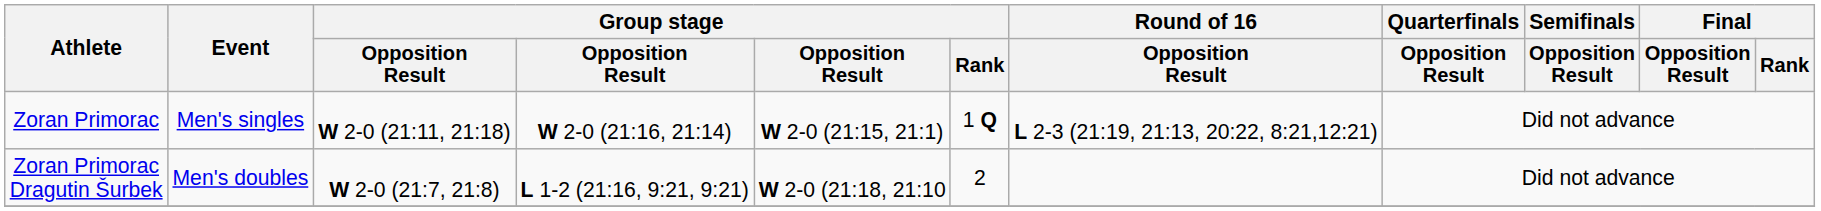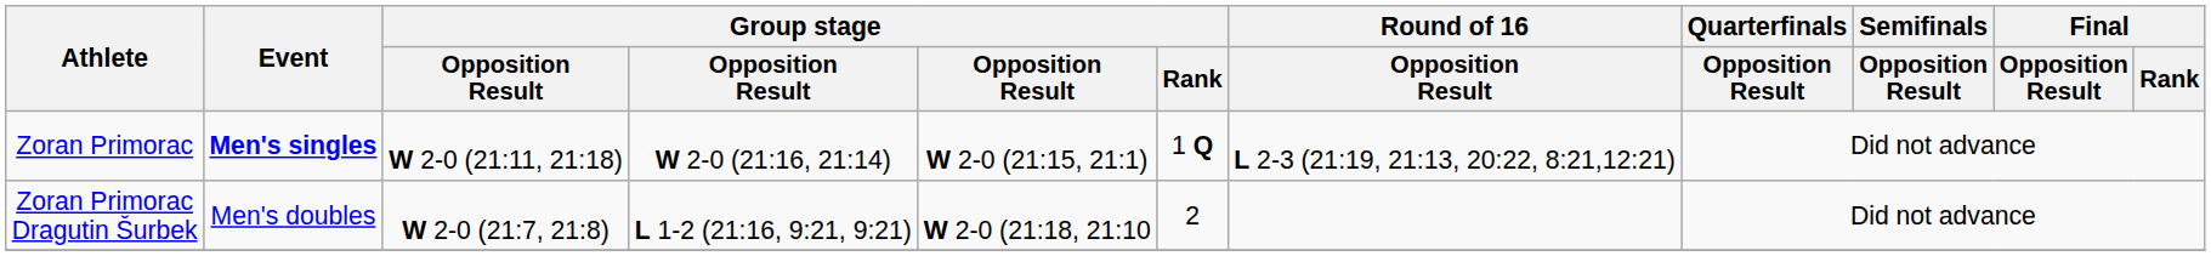 <table class="wikitable" border="1" style="font-size:90%">
 <tr>
 <th rowspan="2">Athlete</th>
 <th rowspan="2">Event</th>
 <th colspan="4">Group stage</th>
 <th>Round of 16</th>
 <th>Quarterfinals</th>
 <th>Semifinals</th>
 <th colspan=2>Final</th>
 </tr>
 <tr style="font-size:95%">
 <th>Opposition<br>Result</th>
 <th>Opposition<br>Result</th>
 <th>Opposition<br>Result</th>
 <th>Rank</th>
 <th>Opposition<br>Result</th>
 <th>Opposition<br>Result</th>
 <th>Opposition<br>Result</th>
 <th>Opposition<br>Result</th>
 <th>Rank</th>
 </tr>
 <tr align=center>
 <td><a href='#'>Zoran Primorac</a></td>
-<td><a href='#'>Men's singles</a></td>
+<td><strong><a href='#'>Men's singles</a></strong></td>
 <td align=center><br><strong>W</strong> 2-0 (21:11, 21:18)</td>
 <td align=center><br><strong>W</strong> 2-0 (21:16, 21:14)</td>
 <td align=center><br><strong>W</strong> 2-0 (21:15, 21:1)</td>
 <td>1 <strong>Q</strong></td>
 <td align=center><br><strong>L</strong> 2-3 (21:19, 21:13, 20:22, 8:21,12:21)</td>
 <td colspan=4 align=center>Did not advance</td>
 </tr>
 <tr align=center>
 <td><a href='#'>Zoran Primorac</a><br><a href='#'>Dragutin Šurbek</a></td>
 <td><a href='#'>Men's doubles</a></td>
 <td align=center><br><strong>W</strong> 2-0 (21:7, 21:8)</td>
 <td align=center><br><strong>L</strong> 1-2 (21:16, 9:21, 9:21)</td>
 <td align=center><br><strong>W</strong> 2-0 (21:18, 21:10</td>
 <td>2</td>
 <td></td>
 <td colspan=4 align=center>Did not advance</td>
 </tr>
 <tr>
 </tr>
 </table>
